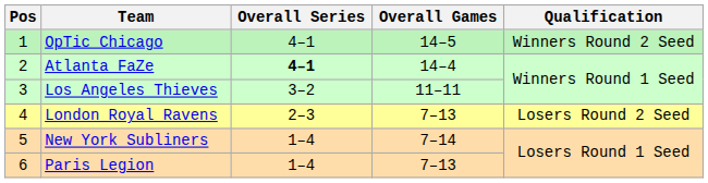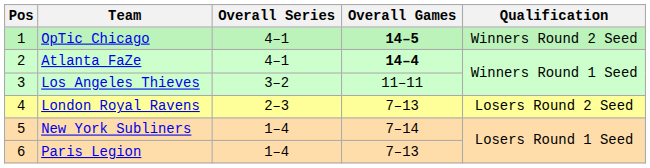 <table class="wikitable" width="600px" style="text-align:center">
 <tr>
 <th>Pos</th>
 <th>Team</th>
 <th>Overall Series</th>
 <th>Overall Games</th>
 <th>Qualification</th>
 </tr>
 <tr style="background:#BBF3BB;">
 <td>1</td>
 <td style="text-align:left"><a href='#'>OpTic Chicago</a></td>
 <td>4–1</td>
-<td>14–5</td>
+<td><strong>14–5</strong></td>
 <td>Winners Round 2 Seed</td>
 </tr>
 <tr style="background:#CCFFCC;">
 <td>2</td>
 <td style="text-align:left"><a href='#'>Atlanta FaZe</a></td>
-<td><strong>4–1</strong></td>
-<td>14–4</td>
+<td>4–1</td>
+<td><strong>14–4</strong></td>
 <td rowspan="2">Winners Round 1 Seed</td>
 </tr>
 <tr style="background:#CCFFCC;">
 <td>3</td>
 <td style="text-align:left"><a href='#'>Los Angeles Thieves</a></td>
 <td>3–2</td>
 <td>11–11</td>
 </tr>
 <tr style="background:#FFFF99;">
 <td>4</td>
 <td style="text-align:left"><a href='#'>London Royal Ravens</a></td>
 <td>2–3</td>
 <td>7–13</td>
 <td>Losers Round 2 Seed</td>
 </tr>
 <tr style="background:#FFDDAA;">
 <td>5</td>
 <td style="text-align:left"><a href='#'>New York Subliners</a></td>
 <td>1–4</td>
 <td>7–14</td>
 <td rowspan="2">Losers Round 1 Seed</td>
 </tr>
 <tr style="background:#FFDDAA;">
 <td>6</td>
 <td style="text-align:left"><a href='#'>Paris Legion</a></td>
 <td>1–4</td>
 <td>7–13</td>
 </tr>
 </table>
